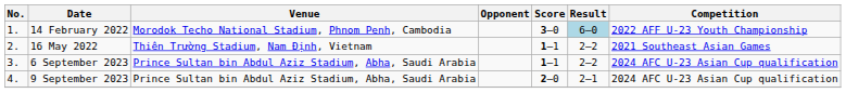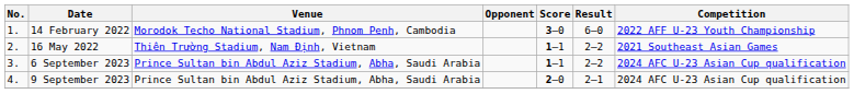 <table class="wikitable">
 <tr>
 <th>No.</th>
 <th>Date</th>
 <th>Venue</th>
 <th>Opponent</th>
 <th>Score</th>
 <th>Result</th>
 <th>Competition</th>
 </tr>
 <tr>
 <td>1.</td>
 <td>14 February 2022</td>
 <td><a href='#'>Morodok Techo National Stadium</a>, <a href='#'>Phnom Penh</a>, Cambodia</td>
 <td></td>
 <td align=center><strong>3</strong>–0</td>
-<td align=center style="background: lightblue;">6–0</td>
+<td align=center>6–0</td>
 <td><a href='#'>2022 AFF U-23 Youth Championship</a></td>
 </tr>
 <tr>
 <td>2.</td>
 <td>16 May 2022</td>
 <td><a href='#'>Thiên Trường Stadium</a>, <a href='#'>Nam Định</a>, Vietnam</td>
 <td></td>
 <td align=center><strong>1</strong>–1</td>
 <td align=center>2–2</td>
 <td><a href='#'>2021 Southeast Asian Games</a></td>
 </tr>
 <tr>
 <td>3.</td>
 <td>6 September 2023</td>
 <td><a href='#'>Prince Sultan bin Abdul Aziz Stadium</a>, <a href='#'>Abha</a>, Saudi Arabia</td>
 <td></td>
 <td align=center><strong>1</strong>–1</td>
 <td align=center>2–2</td>
 <td><a href='#'>2024 AFC U-23 Asian Cup qualification</a></td>
 </tr>
 <tr>
 <td>4.</td>
 <td>9 September 2023</td>
 <td>Prince Sultan bin Abdul Aziz Stadium, Abha, Saudi Arabia</td>
 <td></td>
 <td align=center><strong>2</strong>–0</td>
 <td align=center>2–1</td>
 <td>2024 AFC U-23 Asian Cup qualification</td>
 </tr>
 <tr>
 </tr>
 </table>
